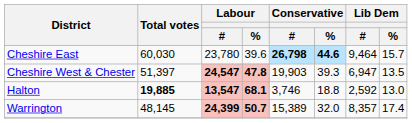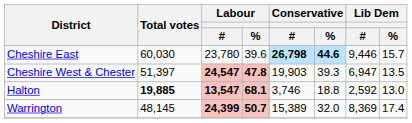 <table class="wikitable sortable">
 <tr>
 <th rowspan=3>District</th>
 <th rowspan=3>Total votes</th>
 <th colspan="2">Labour</th>
 <th colspan="2">Conservative</th>
 <th colspan="2">Lib Dem</th>
 </tr>
 <tr>
 <th colspan="2" style="background:"></th>
 <th colspan="2" style="background:"></th>
 <th colspan="2" style="background:"></th>
 </tr>
 <tr>
 <th>#</th>
 <th>%</th>
 <th>#</th>
 <th>%</th>
 <th>#</th>
 <th>%</th>
 </tr>
 <tr>
 <td><a href='#'>Cheshire East</a></td>
 <td>60,030</td>
 <td>23,780</td>
 <td>39.6</td>
 <td style="background:#B9E4FF;"><strong>26,798</strong></td>
 <td style="background:#B9E4FF;"><strong>44.6</strong></td>
-<td>9,464</td>
+<td>9,446</td>
 <td>15.7</td>
 </tr>
 <tr>
 <td><a href='#'>Cheshire West & Chester</a></td>
 <td>51,397</td>
 <td style="background:#F8C1BE;"><strong>24,547</strong></td>
 <td style="background:#F8C1BE;"><strong>47.8</strong></td>
 <td>19,903</td>
 <td>39.3</td>
 <td>6,947</td>
 <td>13.5</td>
 </tr>
 <tr>
 <td><a href='#'>Halton</a></td>
 <td><strong>19,885</strong></td>
 <td style="background:#F8C1BE;"><strong>13,547</strong></td>
 <td style="background:#F8C1BE;"><strong>68.1</strong></td>
 <td>3,746</td>
 <td>18.8</td>
 <td>2,592</td>
 <td>13.0</td>
 </tr>
 <tr>
 <td><a href='#'>Warrington</a></td>
 <td>48,145</td>
 <td style="background:#F8C1BE;"><strong>24,399</strong></td>
 <td style="background:#F8C1BE;"><strong>50.7</strong></td>
 <td>15,389</td>
 <td>32.0</td>
-<td>8,357</td>
+<td>8,369</td>
 <td>17.4</td>
 </tr>
 <tr>
 </tr>
 </table>
